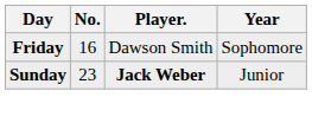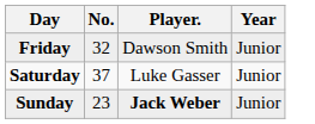 <table class="wikitable non-sortable">
 <tr>
 <th style="text-align:center; ">Day</th>
 <th style="text-align:center; ">No.</th>
 <th style="text-align:center; ">Player.</th>
 <th style="text-align:center; ">Year</th>
 </tr>
 <tr style="background:#eeeeee;text-align:center;">
 <td><strong>Friday</strong></td>
-<td>16</td>
+<td>32</td>
 <td>Dawson Smith</td>
-<td>Sophomore</td>
+<td>Junior</td>
+</tr>
+<tr style="text-align:center;">
+<td><strong>Saturday</strong></td>
+<td>37</td>
+<td>Luke Gasser</td>
+<td>Junior</td>
 </tr>
 <tr style="background:#eeeeee;text-align:center;">
 <td><strong>Sunday</strong></td>
 <td>23</td>
 <td><strong>Jack Weber</strong></td>
 <td>Junior</td>
 </tr>
 </table>
